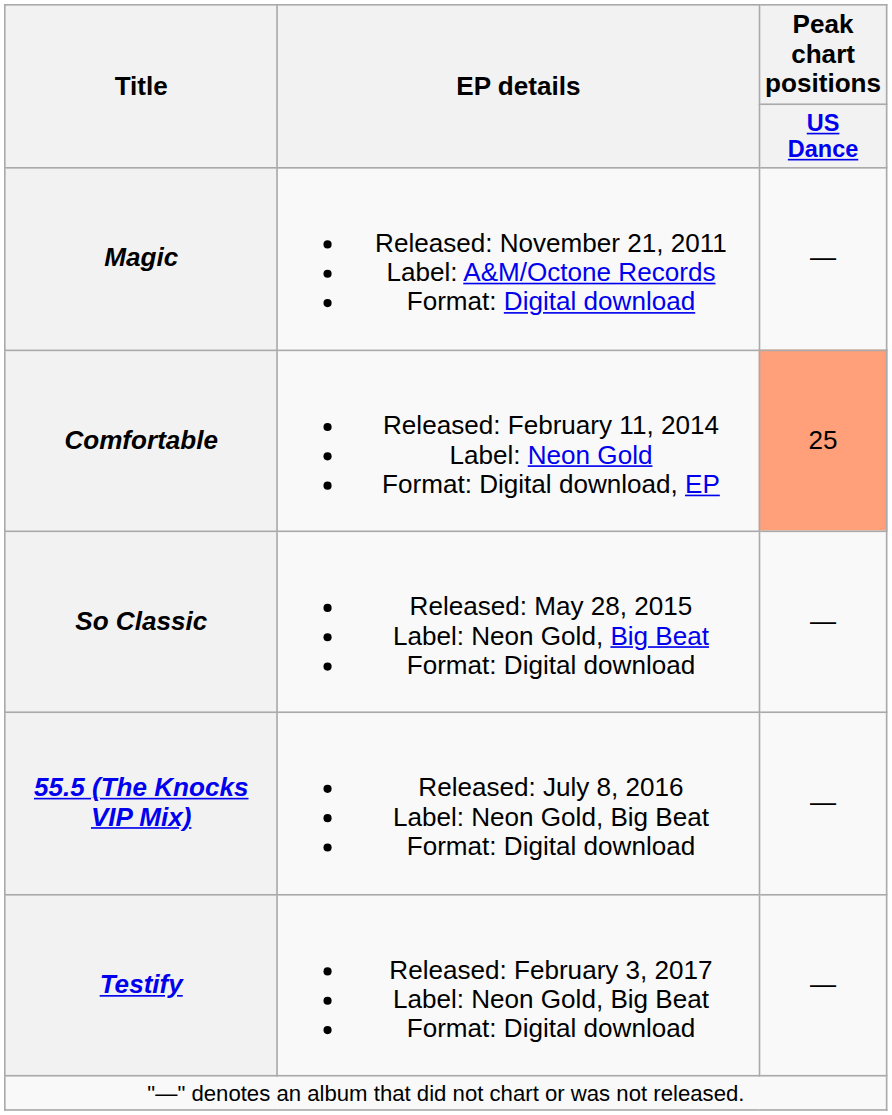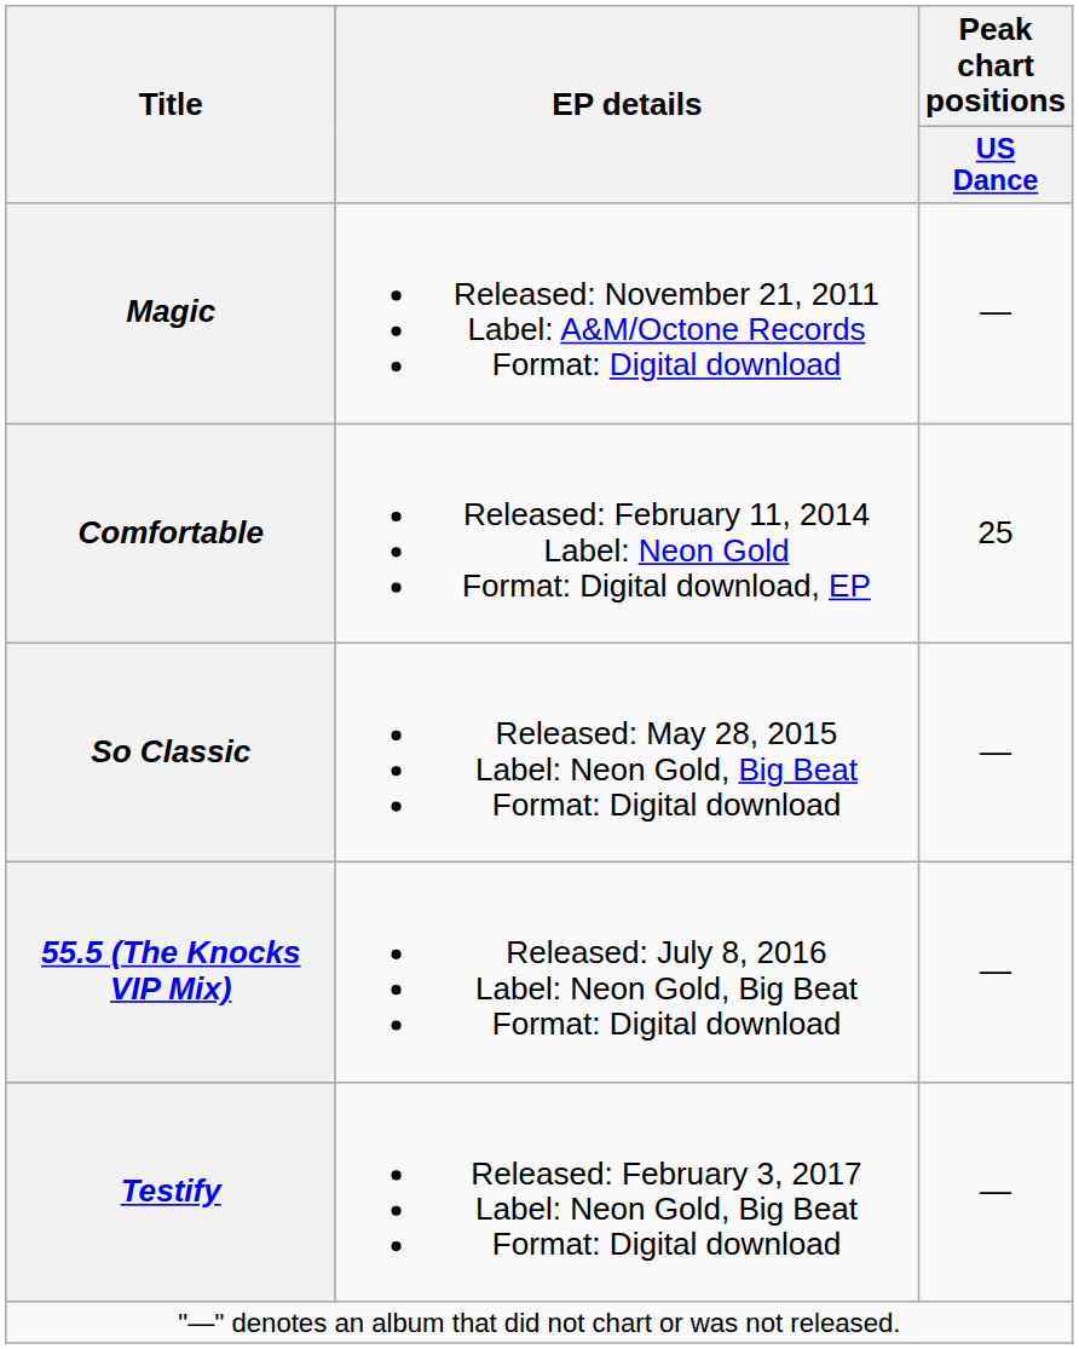 <table class="wikitable plainrowheaders" style="text-align:center;">
 <tr>
 <th scope="col" rowspan="2" style="width:10em;">Title</th>
 <th scope="col" rowspan="2" style="width:18em;">EP details</th>
 <th scope="col" colspan="1">Peak chart positions</th>
 </tr>
 <tr>
 <th scope="col" style="width:3em; font-size:90%;"><a href='#'>US<br>Dance</a><br></th>
 </tr>
 <tr>
 <th scope="row"><em>Magic</em></th>
 <td><br><ul><li>Released: November 21, 2011</li><li>Label: <a href='#'>A&M/Octone Records</a></li><li>Format: <a href='#'>Digital download</a></li></ul></td>
 <td>—</td>
 </tr>
 <tr>
 <th scope="row"><em>Comfortable</em></th>
 <td><br><ul><li>Released: February 11, 2014</li><li>Label: <a href='#'>Neon Gold</a></li><li>Format: Digital download, <a href='#'>EP</a></li></ul></td>
-<td style="background: lightsalmon;">25</td>
+<td>25</td>
 </tr>
 <tr>
 <th scope="row"><em>So Classic</em></th>
 <td><br><ul><li>Released: May 28, 2015</li><li>Label: Neon Gold, <a href='#'>Big Beat</a></li><li>Format: Digital download</li></ul></td>
 <td>—</td>
 </tr>
 <tr>
 <th scope="row"><em><a href='#'>55.5 (The Knocks VIP Mix)</a></em></th>
 <td><br><ul><li>Released: July 8, 2016</li><li>Label: Neon Gold, Big Beat</li><li>Format: Digital download</li></ul></td>
 <td>—</td>
 </tr>
 <tr>
 <th scope="row"><em><a href='#'>Testify</a></em></th>
 <td><br><ul><li>Released: February 3, 2017</li><li>Label: Neon Gold, Big Beat</li><li>Format: Digital download</li></ul></td>
 <td>—</td>
 </tr>
 <tr>
 <td colspan="5" style="font-size:85%">"—" denotes an album that did not chart or was not released.</td>
 </tr>
 </table>
